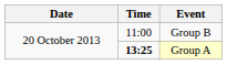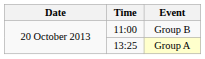 <table class = "wikitable" style="text-align:center;">
 <tr>
 <th width=150>Date</th>
 <th width=50>Time</th>
 <th width=80>Event</th>
 </tr>
 <tr>
 <td rowspan=2>20 October 2013</td>
 <td>11:00</td>
 <td>Group B</td>
 </tr>
 <tr>
-<td><strong>13:25</strong></td>
+<td>13:25</td>
 <td bgcolor=ffffcc>Group A</td>
 </tr>
 </table>
